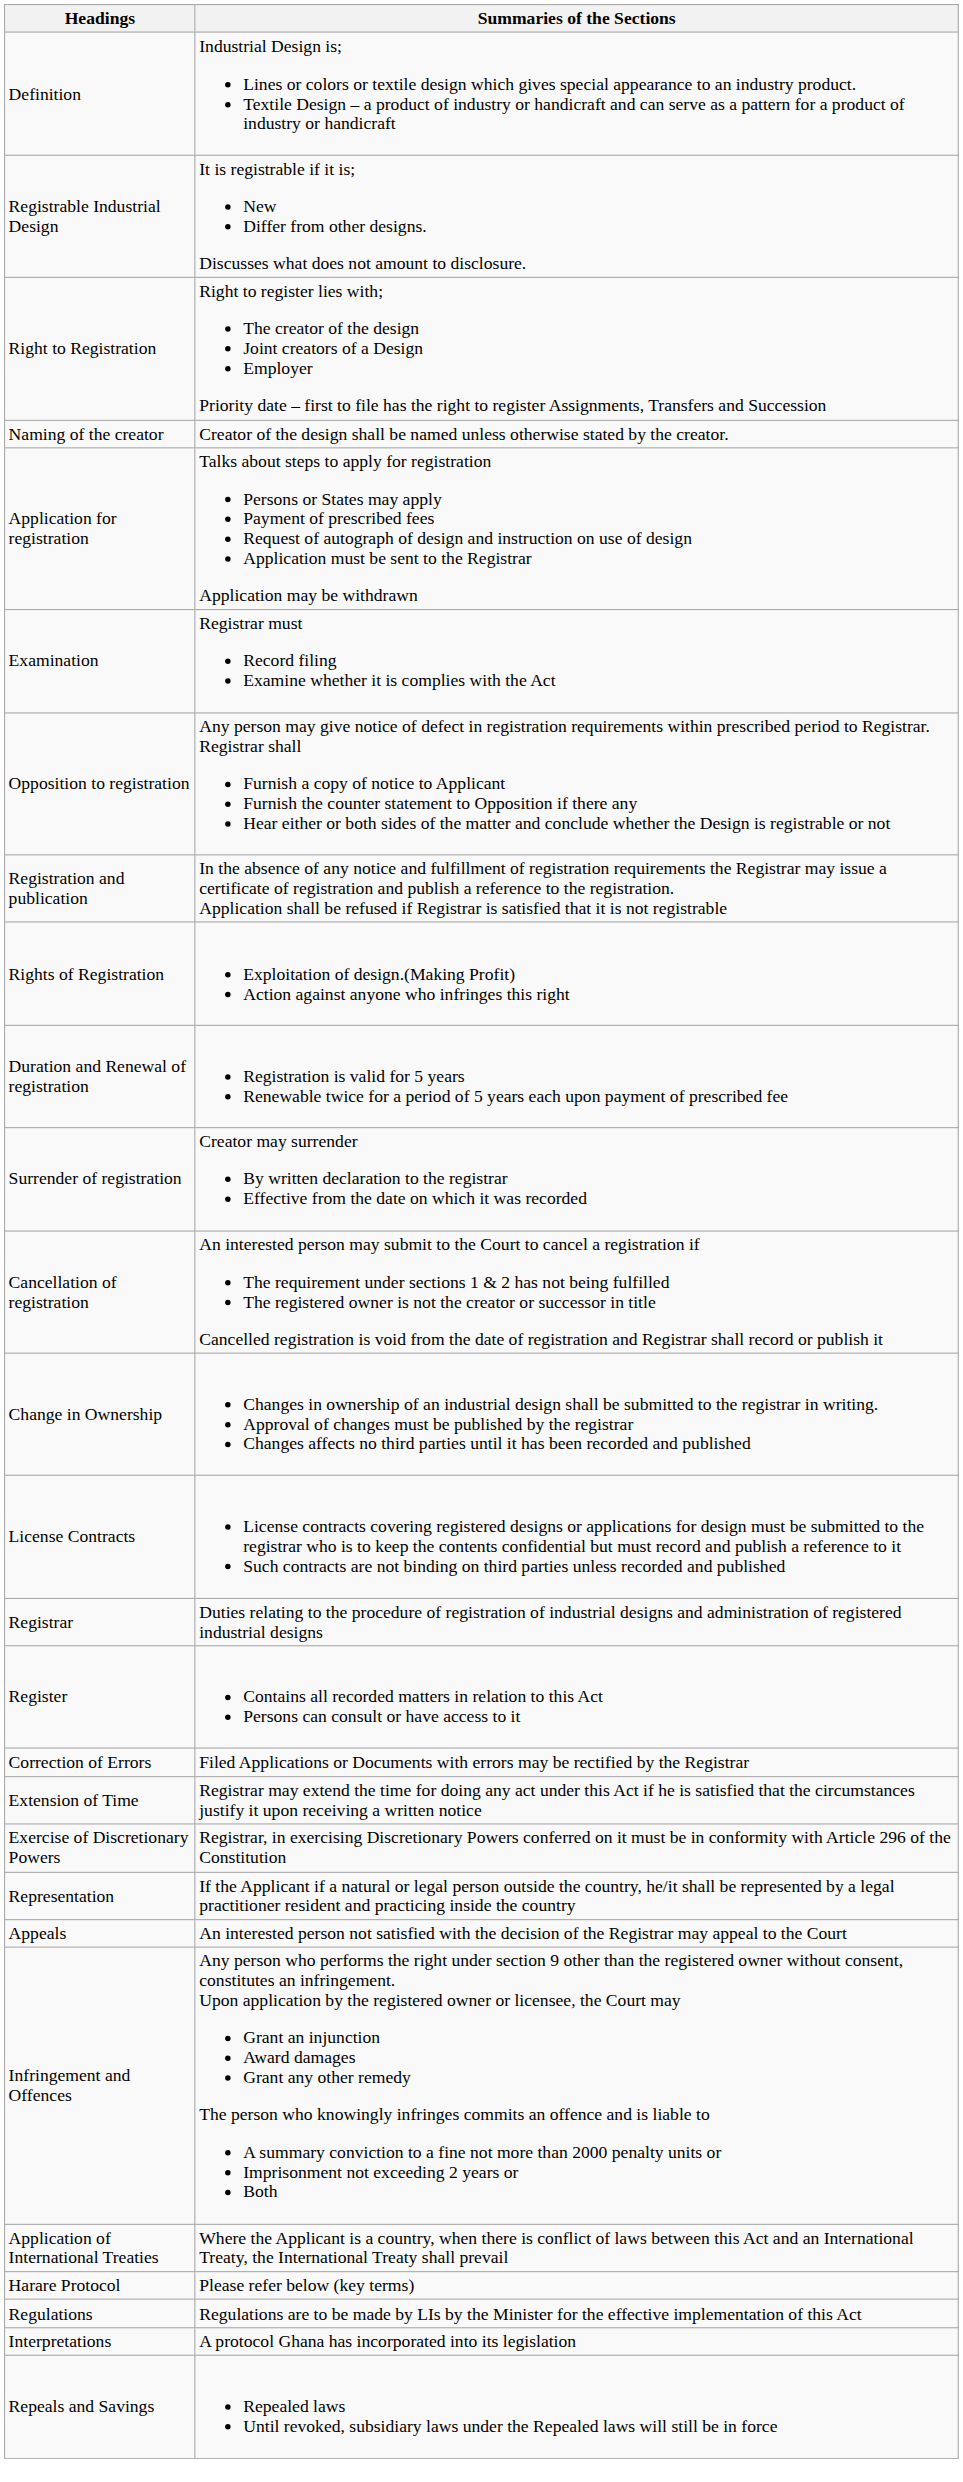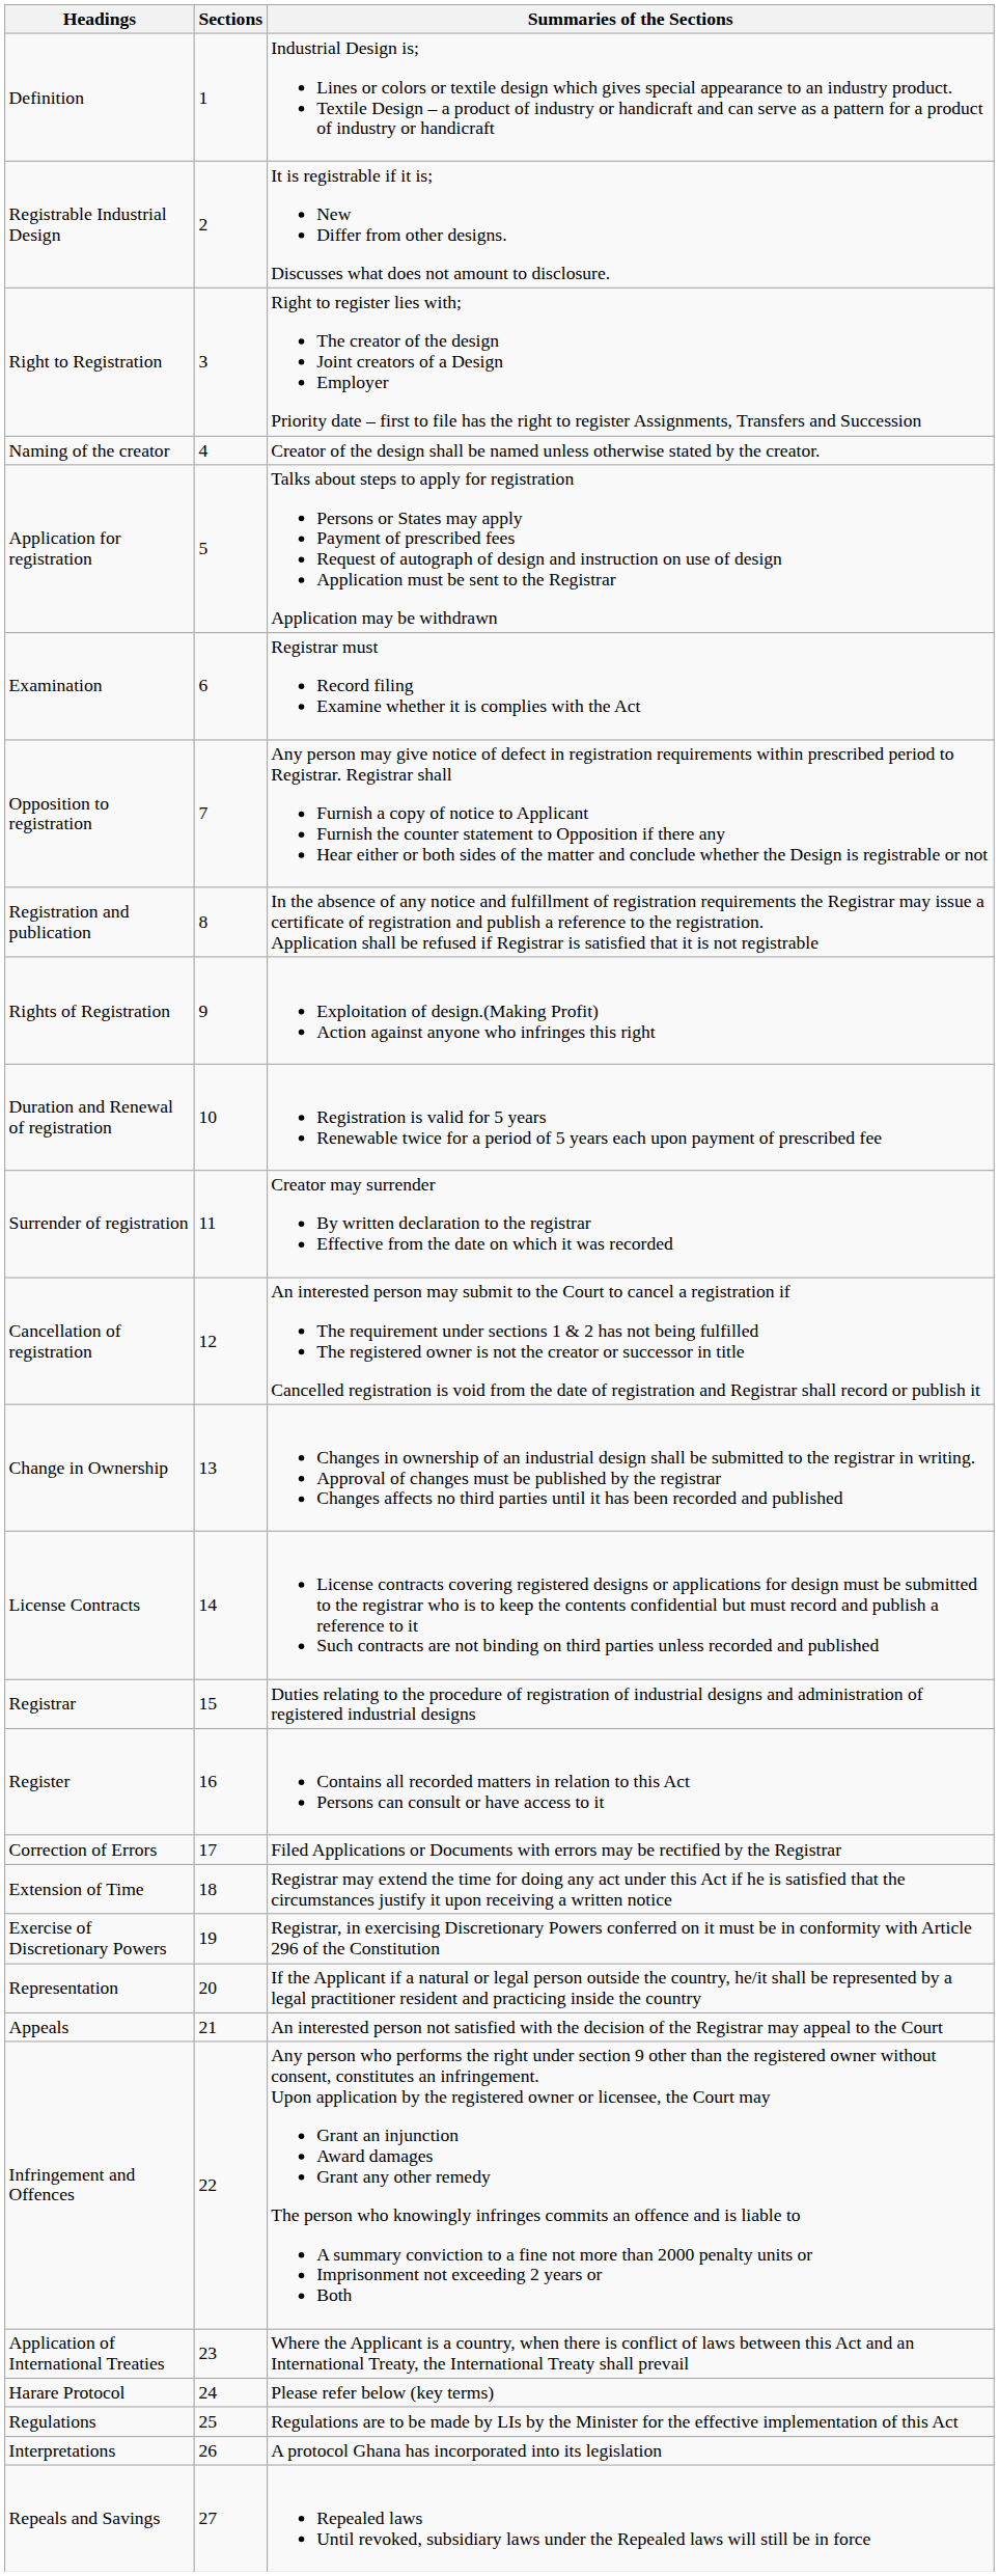 <table class="wikitable">
 <tr>
 <th>Headings</th>
+<th>Sections</th>
 <th>Summaries of the Sections</th>
 </tr>
 <tr>
 <td>Definition</td>
+<td>1</td>
 <td>Industrial Design is;<br><ul><li>Lines or colors or textile design which gives special appearance to an industry product.</li><li>Textile Design – a product of industry or handicraft and can serve as a pattern for a product of industry or handicraft</li></ul></td>
 </tr>
 <tr>
 <td>Registrable Industrial Design</td>
+<td>2</td>
 <td>It is registrable if it is;<br><ul><li>New</li><li>Differ from other designs.</li></ul>Discusses what does not amount to disclosure.</td>
 </tr>
 <tr>
 <td>Right to Registration</td>
+<td>3</td>
 <td>Right to register lies with;<br><ul><li>The creator of the design</li><li>Joint creators of a Design</li><li>Employer</li></ul>Priority date – first to file has the right to register Assignments, Transfers and Succession</td>
 </tr>
 <tr>
 <td>Naming of the creator</td>
+<td>4</td>
 <td>Creator of the design shall be named unless otherwise stated by the creator.</td>
 </tr>
 <tr>
 <td>Application for registration</td>
+<td>5</td>
 <td>Talks about steps to apply for registration<br><ul><li>Persons or States may apply</li><li>Payment of prescribed fees</li><li>Request of autograph of design and instruction on use of design</li><li>Application must be sent to the Registrar</li></ul>Application may be withdrawn</td>
 </tr>
 <tr>
 <td>Examination</td>
+<td>6</td>
 <td>Registrar must<br><ul><li>Record filing</li><li>Examine whether it is complies with the Act</li></ul></td>
 </tr>
 <tr>
 <td>Opposition to registration</td>
+<td>7</td>
 <td>Any person may give notice of defect in registration requirements within prescribed period to Registrar. Registrar shall<br><ul><li>Furnish a copy of notice to Applicant</li><li>Furnish the counter statement to Opposition if there any</li><li>Hear either or both sides of the matter and conclude whether the Design is registrable or not</li></ul></td>
 </tr>
 <tr>
 <td>Registration and publication</td>
+<td>8</td>
 <td>In the absence of any notice and fulfillment of registration requirements the Registrar may issue a certificate of registration and publish a reference to the registration.<br>Application shall be refused if Registrar is satisfied that it is not registrable</td>
 </tr>
 <tr>
 <td>Rights of Registration</td>
+<td>9</td>
 <td><br><ul><li>Exploitation of design.(Making Profit)</li><li>Action against anyone who infringes this right</li></ul></td>
 </tr>
 <tr>
 <td>Duration and Renewal of registration</td>
+<td>10</td>
 <td><br><ul><li>Registration is valid for 5 years</li><li>Renewable twice for a period of 5 years each upon payment of prescribed fee</li></ul></td>
 </tr>
 <tr>
 <td>Surrender of registration</td>
+<td>11</td>
 <td>Creator may surrender<br><ul><li>By written declaration to the registrar</li><li>Effective from the date on which it was recorded</li></ul></td>
 </tr>
 <tr>
 <td>Cancellation of registration</td>
+<td>12</td>
 <td>An interested person may submit to the Court to cancel a registration if<br><ul><li>The requirement under sections 1 & 2 has not being fulfilled</li><li>The registered owner is not the creator or successor in title</li></ul>Cancelled registration is void from the date of registration and Registrar shall record or publish it</td>
 </tr>
 <tr>
 <td>Change in Ownership</td>
+<td>13</td>
 <td><br><ul><li>Changes in ownership of an industrial design shall be submitted to the registrar in writing.</li><li>Approval of changes must be published by the registrar</li><li>Changes affects no third parties until it has been recorded and published</li></ul></td>
 </tr>
 <tr>
 <td>License Contracts</td>
+<td>14</td>
 <td><br><ul><li>License contracts covering registered designs or applications for design must be submitted to the registrar who is to keep the contents confidential but must record and publish a reference to it</li><li>Such contracts are not binding on third parties unless recorded and published</li></ul></td>
 </tr>
 <tr>
 <td>Registrar</td>
+<td>15</td>
 <td>Duties relating to the procedure of registration of industrial designs and administration of registered industrial designs</td>
 </tr>
 <tr>
 <td>Register</td>
+<td>16</td>
 <td><br><ul><li>Contains all recorded matters in relation to this Act</li><li>Persons can consult or have access to it</li></ul></td>
 </tr>
 <tr>
 <td>Correction of Errors</td>
+<td>17</td>
 <td>Filed Applications or Documents with errors may be rectified by the Registrar</td>
 </tr>
 <tr>
 <td>Extension of Time</td>
+<td>18</td>
 <td>Registrar may extend the time for doing any act under this Act if he is satisfied that the circumstances justify it upon receiving a written notice</td>
 </tr>
 <tr>
 <td>Exercise of Discretionary Powers</td>
+<td>19</td>
 <td>Registrar, in exercising Discretionary Powers conferred on it must be in conformity with Article 296 of the Constitution</td>
 </tr>
 <tr>
 <td>Representation</td>
+<td>20</td>
 <td>If the Applicant if a natural or legal person outside the country, he/it shall be represented by a legal practitioner resident and practicing inside the country</td>
 </tr>
 <tr>
 <td>Appeals</td>
+<td>21</td>
 <td>An interested person not satisfied with the decision of the Registrar may appeal to the Court</td>
 </tr>
 <tr>
 <td>Infringement and Offences</td>
+<td>22</td>
 <td>Any person who performs the right under section 9 other than the registered owner without consent, constitutes an infringement.<br>Upon application by the registered owner or licensee, the Court may<ul><li>Grant an injunction</li><li>Award damages</li><li>Grant any other remedy</li></ul>The person who knowingly infringes commits an offence and is liable to<ul><li>A summary conviction to a fine not more than 2000 penalty units or</li><li>Imprisonment not exceeding 2 years or</li><li>Both</li></ul></td>
 </tr>
 <tr>
 <td>Application of International Treaties</td>
+<td>23</td>
 <td>Where the Applicant is a country, when there is conflict of laws between this Act and an International Treaty, the  International Treaty shall prevail</td>
 </tr>
 <tr>
 <td>Harare Protocol</td>
+<td>24</td>
 <td>Please refer below (key terms)</td>
 </tr>
 <tr>
 <td>Regulations</td>
+<td>25</td>
 <td>Regulations are to be made by LIs by the Minister for the effective implementation of this Act</td>
 </tr>
 <tr>
 <td>Interpretations</td>
+<td>26</td>
 <td>A protocol Ghana has incorporated into its legislation</td>
 </tr>
 <tr>
 <td>Repeals and Savings</td>
+<td>27</td>
 <td><br><ul><li>Repealed laws</li><li>Until revoked, subsidiary laws under the Repealed laws will still be in force</li></ul></td>
 </tr>
 </table>
